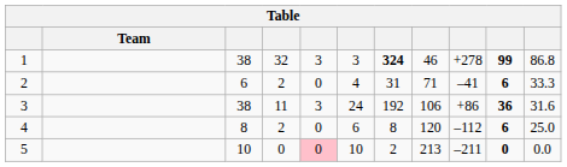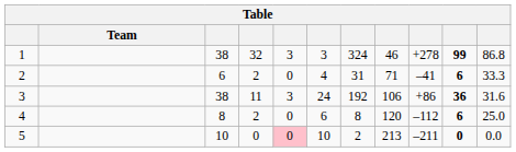 <table class="wikitable" style="text-align: center;">
 <tr>
 <th colspan=11>Table</th>
 </tr>
 <tr>
 <th style="width: 35px;"></th>
 <th style="width: 200px;">Team</th>
 <th style="width: 35px;"></th>
 <th style="width: 35px;"></th>
 <th style="width: 35px;"></th>
 <th style="width: 35px;"></th>
 <th style="width: 35px;"></th>
 <th style="width: 35px;"></th>
 <th style="width: 35px;"></th>
 <th style="width: 35px;"></th>
 <th style="width: 35px;"></th>
 </tr>
 <tr>
 <td>1</td>
 <td style="text-align:left;"></td>
 <td>38</td>
 <td>32</td>
 <td>3</td>
 <td>3</td>
-<td><strong>324</strong></td>
+<td>324</td>
 <td>46</td>
 <td>+278</td>
 <td><strong>99</strong></td>
 <td>86.8</td>
 </tr>
 <tr>
 <td>2</td>
 <td style="text-align:left;"></td>
 <td>6</td>
 <td>2</td>
 <td>0</td>
 <td>4</td>
 <td>31</td>
 <td>71</td>
 <td>–41</td>
 <td><strong>6</strong></td>
 <td>33.3</td>
 </tr>
 <tr>
 <td>3</td>
 <td style="text-align:left;"></td>
 <td>38</td>
 <td>11</td>
 <td>3</td>
 <td>24</td>
 <td>192</td>
 <td>106</td>
 <td>+86</td>
 <td><strong>36</strong></td>
 <td>31.6</td>
 </tr>
 <tr>
 <td>4</td>
 <td style="text-align:left;"></td>
 <td>8</td>
 <td>2</td>
 <td>0</td>
 <td>6</td>
 <td>8</td>
 <td>120</td>
 <td>–112</td>
 <td><strong>6</strong></td>
 <td>25.0</td>
 </tr>
 <tr>
 <td>5</td>
 <td style="text-align:left;"></td>
 <td>10</td>
 <td>0</td>
 <td style="background: pink;">0</td>
 <td>10</td>
 <td>2</td>
 <td>213</td>
 <td>–211</td>
 <td><strong>0</strong></td>
 <td>0.0</td>
 </tr>
 </table>
